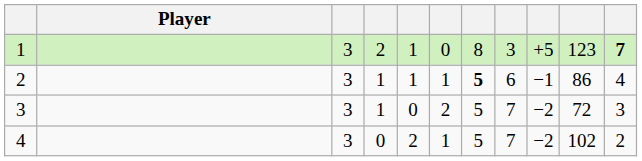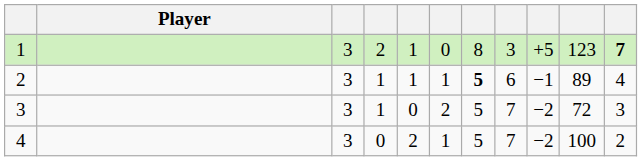 <table class="wikitable" style="text-align:center; margin: 1em auto 1em auto, align:left">
 <tr>
 <th width=20></th>
 <th width=240>Player</th>
 <th width=20></th>
 <th width=20></th>
 <th width=20></th>
 <th width=20></th>
 <th width=20></th>
 <th width=20></th>
 <th width=20></th>
 <th width=30></th>
 <th width=20></th>
 </tr>
 <tr style="background:#D0F0C0;">
 <td>1</td>
 <td align=left></td>
 <td>3</td>
 <td>2</td>
 <td>1</td>
 <td>0</td>
 <td>8</td>
 <td>3</td>
 <td>+5</td>
 <td>123</td>
 <td><strong>7</strong></td>
 </tr>
 <tr style=>
 <td>2</td>
 <td align=left></td>
 <td>3</td>
 <td>1</td>
 <td>1</td>
 <td>1</td>
 <td><strong>5</strong></td>
 <td>6</td>
 <td>−1</td>
-<td>86</td>
+<td>89</td>
 <td>4</td>
 </tr>
 <tr style=>
 <td>3</td>
 <td align=left></td>
 <td>3</td>
 <td>1</td>
 <td>0</td>
 <td>2</td>
 <td>5</td>
 <td>7</td>
 <td>−2</td>
 <td>72</td>
 <td>3</td>
 </tr>
 <tr style=>
 <td>4</td>
 <td align=left></td>
 <td>3</td>
 <td>0</td>
 <td>2</td>
 <td>1</td>
 <td>5</td>
 <td>7</td>
 <td>−2</td>
-<td>102</td>
+<td>100</td>
 <td>2</td>
 </tr>
 </table>
